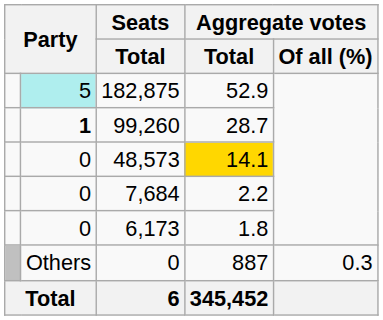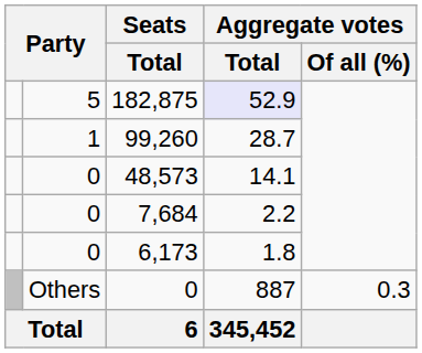 <table class="wikitable" style="text-align:right; font-size:95%;">
 <tr>
 <th colspan="2" rowspan="2">Party</th>
 <th>Seats</th>
 <th colspan="2">Aggregate votes</th>
 </tr>
 <tr>
 <th>Total</th>
 <th>Total</th>
 <th>Of all (%)</th>
 </tr>
 <tr>
 <td></td>
-<td style="background: paleturquoise;">5</td>
+<td>5</td>
 <td>182,875</td>
-<td>52.9</td>
+<td style="background: lavender;">52.9</td>
 </tr>
 <tr>
 <td></td>
-<td><strong>1</strong></td>
+<td>1</td>
 <td>99,260</td>
 <td>28.7</td>
 </tr>
 <tr>
 <td></td>
 <td>0</td>
 <td>48,573</td>
-<td style="background: gold;">14.1</td>
+<td>14.1</td>
 </tr>
 <tr>
 <td></td>
 <td>0</td>
 <td>7,684</td>
 <td>2.2</td>
 </tr>
 <tr>
 <td></td>
 <td>0</td>
 <td>6,173</td>
 <td>1.8</td>
 </tr>
 <tr>
 <td style="background:silver;"> </td>
 <td align=left>Others</td>
 <td>0</td>
 <td>887</td>
 <td>0.3</td>
 </tr>
 <tr>
 <th colspan="2" style="background:#f2f2f2"><strong>Total</strong></th>
 <td style="background:#f2f2f2;"><strong>6</strong></td>
 <td style="background:#f2f2f2;"><strong>345,452</strong></td>
 <td style="background:#f2f2f2;"></td>
 </tr>
 </table>
